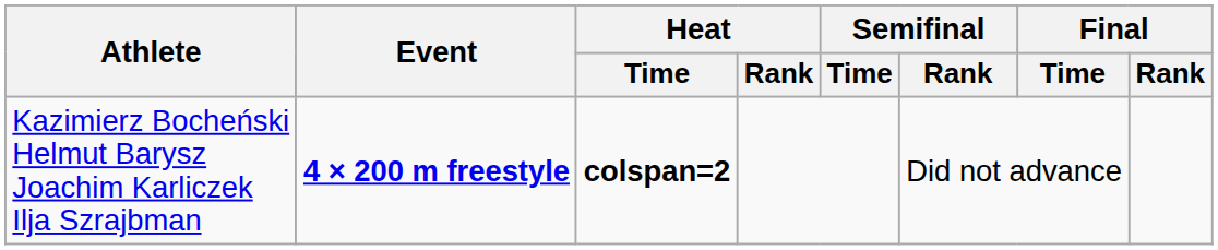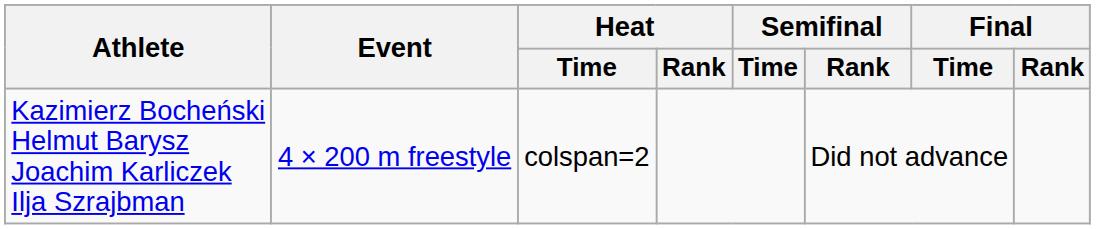 <table class=wikitable style="font-size:90%">
 <tr>
 <th rowspan="2">Athlete</th>
 <th rowspan="2">Event</th>
 <th colspan="2">Heat</th>
 <th colspan="2">Semifinal</th>
 <th colspan="2">Final</th>
 </tr>
 <tr style="font-size:95%">
 <th>Time</th>
 <th>Rank</th>
 <th>Time</th>
 <th>Rank</th>
 <th>Time</th>
 <th>Rank</th>
 </tr>
 <tr align=center>
 <td align=left rowspan=1><a href='#'>Kazimierz Bocheński</a><br><a href='#'>Helmut Barysz</a><br><a href='#'>Joachim Karliczek</a><br><a href='#'>Ilja Szrajbman</a></td>
-<td align=left><strong><a href='#'>4 × 200 m freestyle</a></strong></td>
-<td><strong>colspan=2 </strong></td>
+<td align=left><a href='#'>4 × 200 m freestyle</a></td>
+<td>colspan=2 </td>
 <td colspan=2></td>
 <td colspan=2>Did not advance</td>
 </tr>
 </table>
